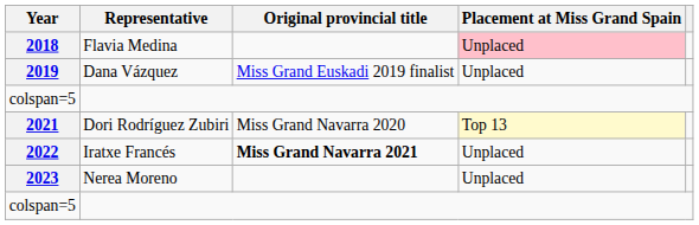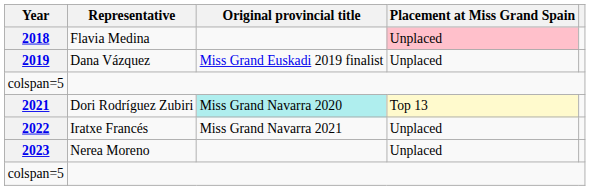 <table class="wikitable defaultcenter col2left" style="font-size:95%;">
 <tr>
 <th>Year</th>
 <th>Representative</th>
 <th>Original provincial title</th>
 <th>Placement at Miss Grand Spain</th>
 <th></th>
 </tr>
 <tr>
 <th><a href='#'>2018</a></th>
 <td>Flavia Medina</td>
 <td></td>
 <td style="background: pink;">Unplaced</td>
 <td></td>
 </tr>
 <tr>
 <th><a href='#'>2019</a></th>
 <td>Dana Vázquez</td>
 <td><a href='#'>Miss Grand Euskadi</a> 2019 finalist</td>
 <td>Unplaced</td>
 <td></td>
 </tr>
 <tr>
 <td>colspan=5 </td>
 </tr>
 <tr>
 <th><a href='#'>2021</a></th>
 <td>Dori Rodríguez Zubiri</td>
-<td>Miss Grand Navarra 2020</td>
+<td style="background: paleturquoise;">Miss Grand Navarra 2020</td>
 <td bgcolor=#FFFACD>Top 13</td>
 <td></td>
 </tr>
 <tr>
 <th><a href='#'>2022</a></th>
 <td>Iratxe Francés</td>
-<td><strong>Miss Grand Navarra 2021</strong></td>
+<td>Miss Grand Navarra 2021</td>
 <td>Unplaced</td>
 <td></td>
 </tr>
 <tr>
 <th><a href='#'>2023</a></th>
 <td>Nerea Moreno</td>
 <td></td>
 <td>Unplaced</td>
 <td></td>
 </tr>
 <tr>
 <td>colspan=5 </td>
 </tr>
 </table>
